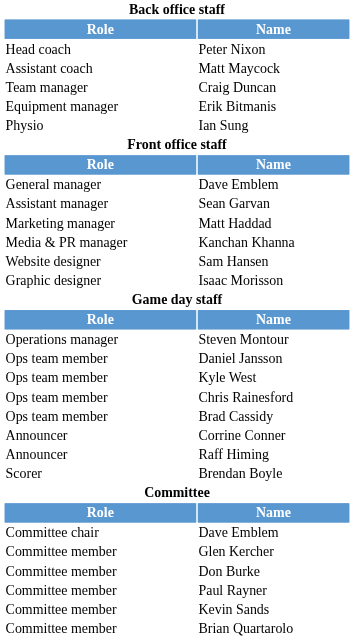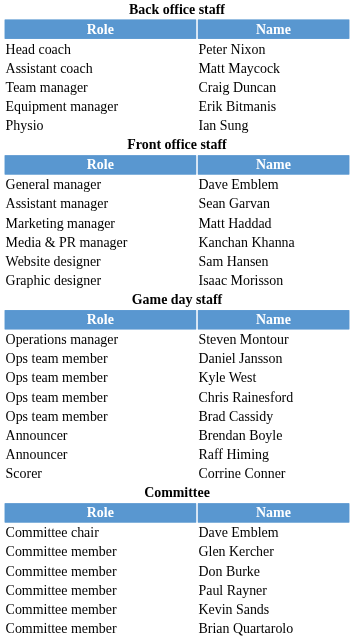 <table class="toccolours" style="width:25em">
 <tr>
 </tr>
 <tr>
 <th style="color:black;align:center"colspan="2">Back office staff</th>
 </tr>
 <tr>
 <th style="background:#5997d0;color:white;border:#5997d0 1px solid">Role</th>
 <th style="background:#5997d0;color:white;border:#5997d0 1px solid">Name</th>
 </tr>
 <tr>
 <td>Head coach</td>
 <td> Peter Nixon</td>
 </tr>
 <tr>
 <td>Assistant coach</td>
 <td> Matt Maycock</td>
 </tr>
 <tr>
 <td>Team manager</td>
 <td> Craig Duncan</td>
 </tr>
 <tr>
 <td>Equipment manager</td>
 <td> Erik Bitmanis</td>
 </tr>
 <tr>
 <td>Physio</td>
 <td> Ian Sung</td>
 </tr>
 <tr>
 <th style="color:black;align:center"colspan="2">Front office staff</th>
 </tr>
 <tr>
 <th style="background:#5997d0;color:white;border:#5997d0 1px solid">Role</th>
 <th style="background:#5997d0;color:white;border:#5997d0 1px solid">Name</th>
 </tr>
 <tr>
 <td>General manager</td>
 <td> Dave Emblem</td>
 </tr>
 <tr>
 <td>Assistant manager</td>
 <td> Sean Garvan</td>
 </tr>
 <tr>
 <td>Marketing manager</td>
 <td> Matt Haddad</td>
 </tr>
 <tr>
 <td>Media & PR manager</td>
 <td> Kanchan Khanna</td>
 </tr>
 <tr>
 <td>Website designer</td>
 <td> Sam Hansen</td>
 </tr>
 <tr>
 <td>Graphic designer</td>
 <td> Isaac Morisson</td>
 </tr>
 <tr>
 <th style="color:black;align:center"colspan="2">Game day staff</th>
 </tr>
 <tr>
 <th style="background:#5997d0;color:white;border:#5997d0 1px solid">Role</th>
 <th style="background:#5997d0;color:white;border:#5997d0 1px solid">Name</th>
 </tr>
 <tr>
 <td>Operations manager</td>
 <td> Steven Montour</td>
 </tr>
 <tr>
 <td>Ops team member</td>
 <td> Daniel Jansson</td>
 </tr>
 <tr>
 <td>Ops team member</td>
 <td> Kyle West</td>
 </tr>
 <tr>
 <td>Ops team member</td>
 <td> Chris Rainesford</td>
 </tr>
 <tr>
 <td>Ops team member</td>
 <td> Brad Cassidy</td>
 </tr>
 <tr>
 <td>Announcer</td>
-<td> Corrine Conner</td>
+<td> Brendan Boyle</td>
 </tr>
 <tr>
 <td>Announcer</td>
 <td> Raff Himing</td>
 </tr>
 <tr>
 <td>Scorer</td>
-<td> Brendan Boyle</td>
+<td> Corrine Conner</td>
 </tr>
 <tr>
 <th style="color:black;align:center"colspan="2">Committee</th>
 </tr>
 <tr>
 <th style="background:#5997d0;color:white;border:#5997d0 1px solid">Role</th>
 <th style="background:#5997d0;color:white;border:#5997d0 1px solid">Name</th>
 </tr>
 <tr>
 <td>Committee chair</td>
 <td> Dave Emblem</td>
 </tr>
 <tr>
 <td>Committee member</td>
 <td> Glen Kercher</td>
 </tr>
 <tr>
 <td>Committee member</td>
 <td> Don Burke</td>
 </tr>
 <tr>
 <td>Committee member</td>
 <td> Paul Rayner</td>
 </tr>
 <tr>
 <td>Committee member</td>
 <td> Kevin Sands</td>
 </tr>
 <tr>
 <td>Committee member</td>
 <td> Brian Quartarolo</td>
 </tr>
 <tr>
 </tr>
 </table>
